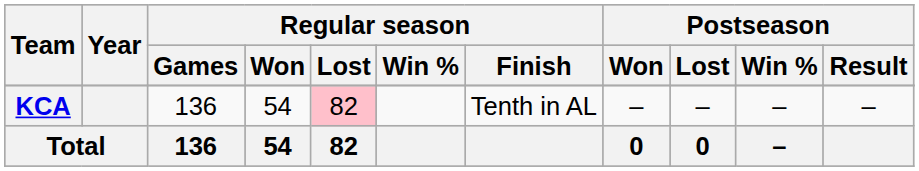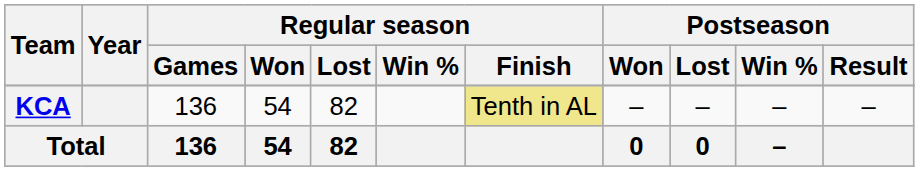 <table class="wikitable" style="font-size: 95%; text-align:center;">
 <tr>
 <th rowspan="2">Team</th>
 <th rowspan="2">Year</th>
 <th colspan="5">Regular season</th>
 <th colspan="4">Postseason</th>
 </tr>
 <tr>
 <th>Games</th>
 <th>Won</th>
 <th>Lost</th>
 <th>Win %</th>
 <th>Finish</th>
 <th>Won</th>
 <th>Lost</th>
 <th>Win %</th>
 <th>Result</th>
 </tr>
 <tr>
 </tr>
 <tr>
 <th><a href='#'>KCA</a></th>
 <th></th>
 <td>136</td>
 <td>54</td>
-<td style="background: pink;">82</td>
+<td>82</td>
 <td></td>
-<td>Tenth in AL</td>
+<td style="background: khaki;">Tenth in AL</td>
 <td>–</td>
 <td>–</td>
 <td>–</td>
 <td>–</td>
 </tr>
 <tr>
 <th colspan="2">Total</th>
 <th>136</th>
 <th>54</th>
 <th>82</th>
 <th></th>
 <th></th>
 <th>0</th>
 <th>0</th>
 <th>–</th>
 <th></th>
 </tr>
 </table>
